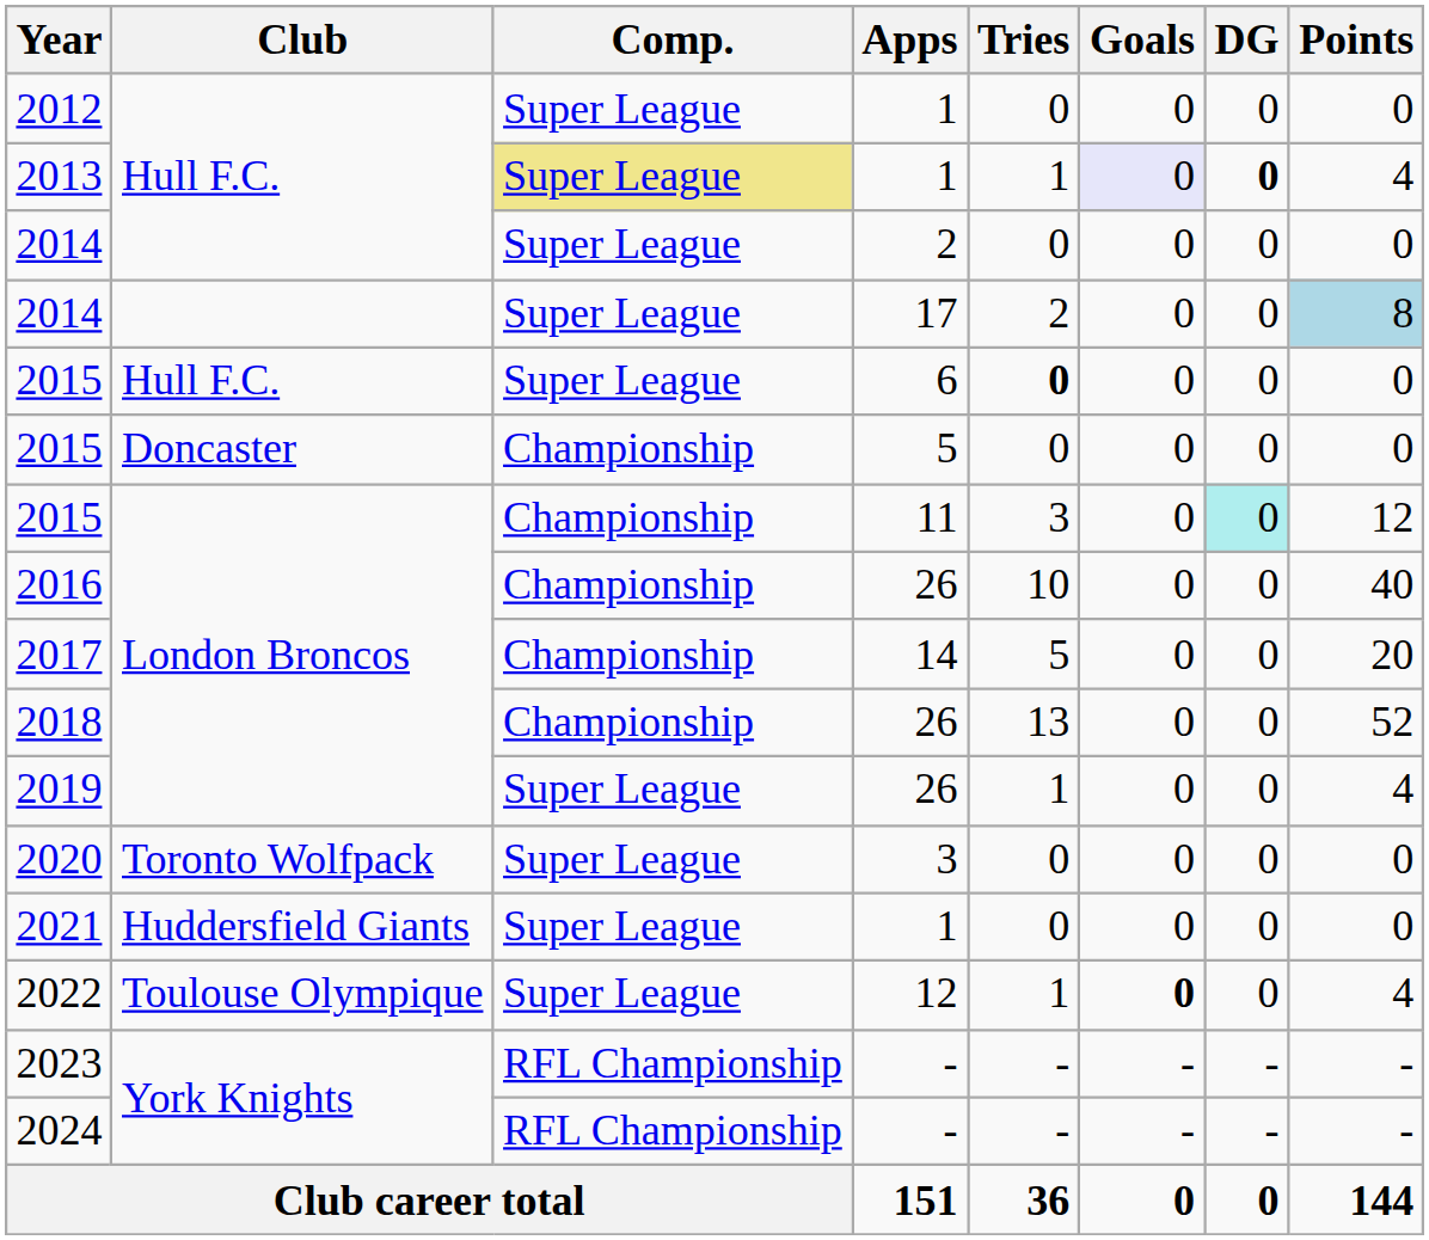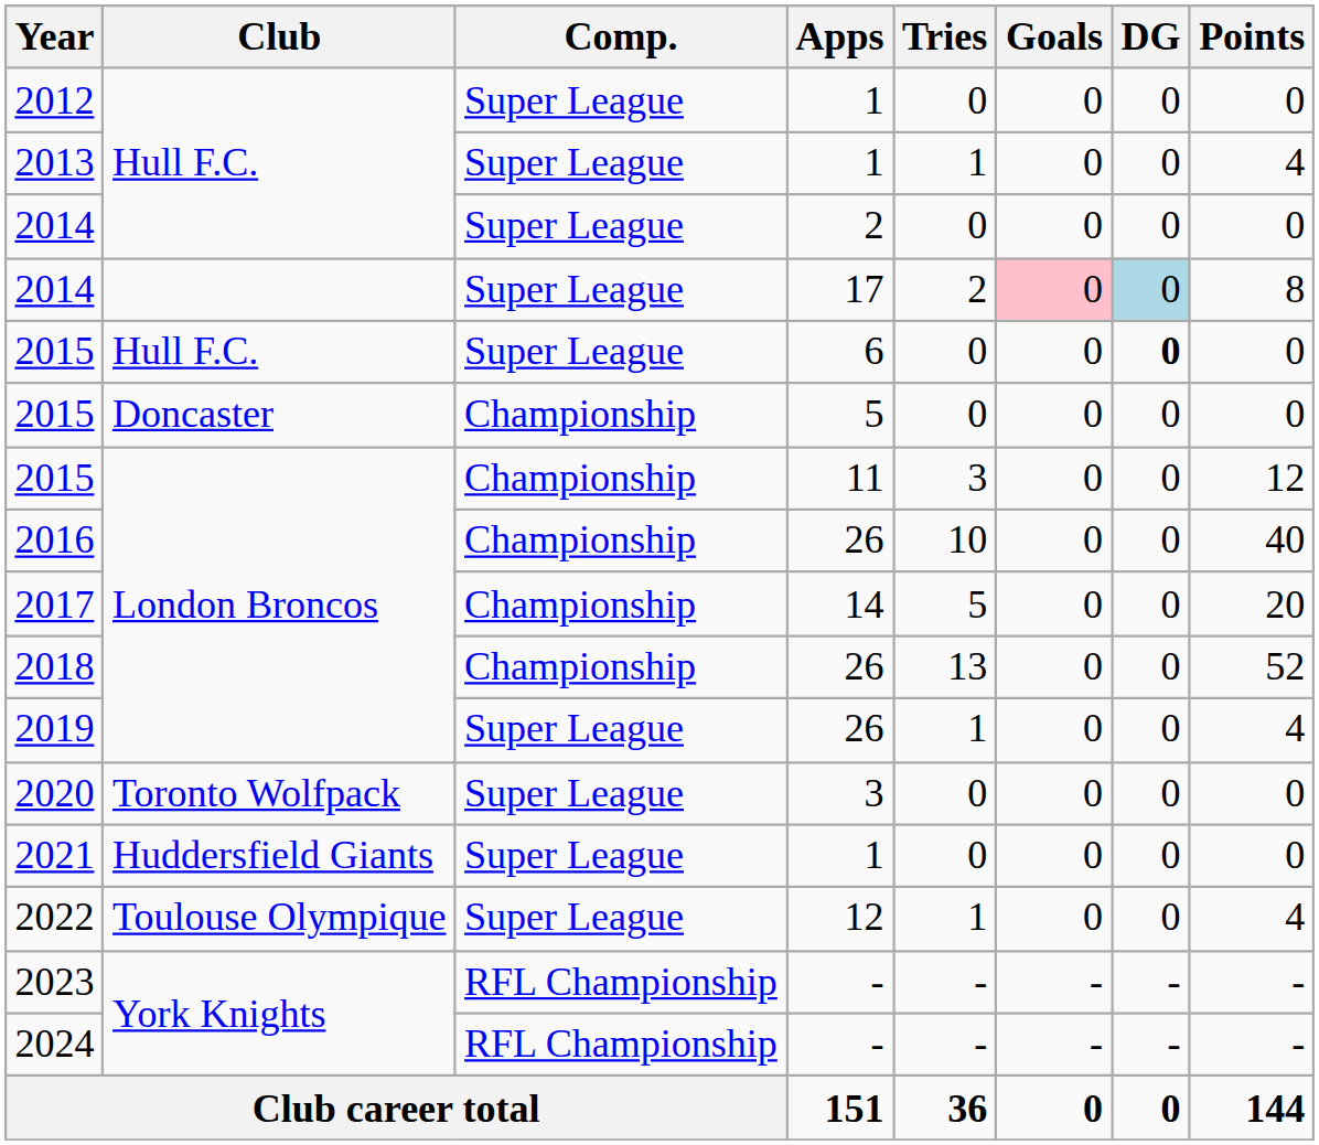 <table class=wikitable style="text-align: center;">
 <tr>
 <th>Year</th>
 <th>Club</th>
 <th>Comp.</th>
 <th>Apps</th>
 <th>Tries</th>
 <th>Goals</th>
 <th>DG</th>
 <th>Points</th>
 </tr>
 <tr>
 <td align=center><a href='#'>2012</a></td>
 <td align=left  rowspan=3> <a href='#'>Hull F.C.</a></td>
 <td align=left><a href='#'>Super League</a></td>
 <td align=right>1</td>
 <td align=right>0</td>
 <td align=right>0</td>
 <td align=right>0</td>
 <td align=right>0</td>
 </tr>
 <tr>
 <td align=center><a href='#'>2013</a></td>
-<td align=left style="background: khaki;"><a href='#'>Super League</a></td>
+<td align=left><a href='#'>Super League</a></td>
 <td align=right>1</td>
 <td align=right>1</td>
-<td align=right style="background: lavender;">0</td>
-<td align=right><strong>0</strong></td>
+<td align=right>0</td>
+<td align=right>0</td>
 <td align=right>4</td>
 </tr>
 <tr>
 <td align=center><a href='#'>2014</a></td>
 <td align=left><a href='#'>Super League</a></td>
 <td align=right>2</td>
 <td align=right>0</td>
 <td align=right>0</td>
 <td align=right>0</td>
 <td align=right>0</td>
 </tr>
 <tr>
 <td align=center><a href='#'>2014</a></td>
 <td align=left></td>
 <td align=left><a href='#'>Super League</a></td>
 <td align=right>17</td>
 <td align=right>2</td>
-<td align=right>0</td>
-<td align=right>0</td>
-<td align=right style="background: lightblue;">8</td>
+<td align=right style="background: pink;">0</td>
+<td align=right style="background: lightblue;">0</td>
+<td align=right>8</td>
 </tr>
 <tr>
 <td align=center><a href='#'>2015</a></td>
 <td align=left> <a href='#'>Hull F.C.</a></td>
 <td align=left><a href='#'>Super League</a></td>
 <td align=right>6</td>
-<td align=right><strong>0</strong></td>
 <td align=right>0</td>
 <td align=right>0</td>
+<td align=right><strong>0</strong></td>
 <td align=right>0</td>
 </tr>
 <tr>
 <td align=center><a href='#'>2015</a></td>
 <td align=left> <a href='#'>Doncaster</a></td>
 <td align=left><a href='#'>Championship</a></td>
 <td align=right>5</td>
 <td align=right>0</td>
 <td align=right>0</td>
 <td align=right>0</td>
 <td align=right>0</td>
 </tr>
 <tr>
 <td align=center><a href='#'>2015</a></td>
 <td align=left rowspan=5> <a href='#'>London Broncos</a></td>
 <td align=left><a href='#'>Championship</a></td>
 <td align=right>11</td>
 <td align=right>3</td>
 <td align=right>0</td>
-<td align=right style="background: paleturquoise;">0</td>
+<td align=right>0</td>
 <td align=right>12</td>
 </tr>
 <tr>
 <td align=center><a href='#'>2016</a></td>
 <td align=left><a href='#'>Championship</a></td>
 <td align=right>26</td>
 <td align=right>10</td>
 <td align=right>0</td>
 <td align=right>0</td>
 <td align=right>40</td>
 </tr>
 <tr>
 <td align=center><a href='#'>2017</a></td>
 <td align=left><a href='#'>Championship</a></td>
 <td align=right>14</td>
 <td align=right>5</td>
 <td align=right>0</td>
 <td align=right>0</td>
 <td align=right>20</td>
 </tr>
 <tr>
 <td align=center><a href='#'>2018</a></td>
 <td align=left><a href='#'>Championship</a></td>
 <td align=right>26</td>
 <td align=right>13</td>
 <td align=right>0</td>
 <td align=right>0</td>
 <td align=right>52</td>
 </tr>
 <tr>
 <td align=center><a href='#'>2019</a></td>
 <td align=left><a href='#'>Super League</a></td>
 <td align=right>26</td>
 <td align=right>1</td>
 <td align=right>0</td>
 <td align=right>0</td>
 <td align=right>4</td>
 </tr>
 <tr>
 <td align=center><a href='#'>2020</a></td>
 <td align=left> <a href='#'>Toronto Wolfpack</a></td>
 <td align=left><a href='#'>Super League</a></td>
 <td align=right>3</td>
 <td align=right>0</td>
 <td align=right>0</td>
 <td align=right>0</td>
 <td align=right>0</td>
 </tr>
 <tr>
 <td align=center><a href='#'>2021</a></td>
 <td align=left> <a href='#'>Huddersfield Giants</a></td>
 <td align=left><a href='#'>Super League</a></td>
 <td align=right>1</td>
 <td align=right>0</td>
 <td align=right>0</td>
 <td align=right>0</td>
 <td align=right>0</td>
 </tr>
 <tr>
 <td align=center>2022</td>
 <td align=left> <a href='#'>Toulouse Olympique</a></td>
 <td align=left><a href='#'>Super League</a></td>
 <td align=right>12</td>
 <td align=right>1</td>
-<td align=right><strong>0</strong></td>
+<td align=right>0</td>
 <td align=right>0</td>
 <td align=right>4</td>
 </tr>
 <tr>
 <td align=center>2023</td>
 <td align=left rowspan=2> <a href='#'>York Knights</a></td>
 <td align=left><a href='#'>RFL Championship</a></td>
 <td align=right>-</td>
 <td align=right>-</td>
 <td align=right>-</td>
 <td align=right>-</td>
 <td align=right>-</td>
 </tr>
 <tr>
 <td align=center>2024</td>
 <td align=left><a href='#'>RFL Championship</a></td>
 <td align=right>-</td>
 <td align=right>-</td>
 <td align=right>-</td>
 <td align=right>-</td>
 <td align=right>-</td>
 </tr>
 <tr>
 <th colspan=3>Club career total </th>
 <td align=right><strong>151</strong></td>
 <td align=right><strong>36</strong></td>
 <td align=right><strong>0</strong></td>
 <td align=right><strong>0</strong></td>
 <td align=right><strong>144</strong></td>
 </tr>
 </table>
